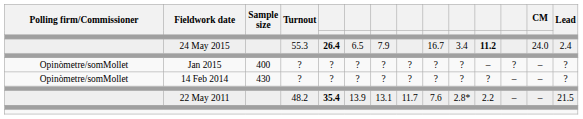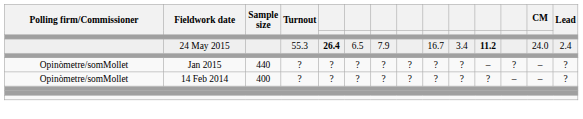 <table class="wikitable collapsible collapsed" style="text-align:center; font-size:95%; line-height:16px;">
 <tr style="height:42px;">
 <th style="width:250px;" rowspan="2">Polling firm/Commissioner</th>
 <th style="width:125px;" rowspan="2">Fieldwork date</th>
 <th style="width:50px;" rowspan="2">Sample size</th>
 <th style="width:45px;" rowspan="2">Turnout</th>
 <th style="width:35px;"></th>
 <th style="width:35px;"></th>
 <th style="width:35px;"></th>
 <th style="width:35px;"></th>
 <th style="width:35px;"></th>
 <th style="width:35px;"></th>
 <th style="width:35px;"></th>
 <th style="width:35px;"></th>
 <th style="width:35px;">CM</th>
 <th style="width:30px;" rowspan="2">Lead</th>
 </tr>
 <tr>
 <th style="color:inherit;background:"></th>
 <th style="color:inherit;background:"></th>
 <th style="color:inherit;background:"></th>
 <th style="color:inherit;background:"></th>
 <th style="color:inherit;background:"></th>
 <th style="color:inherit;background:"></th>
 <th style="color:inherit;background:"></th>
 <th style="color:inherit;background:"></th>
 <th style="color:inherit;background:"></th>
 </tr>
 <tr>
 <td colspan="14" style="background:#A0A0A0"></td>
 </tr>
 <tr style="background:#EFEFEF;">
 <td><strong></strong></td>
 <td>24 May 2015</td>
 <td></td>
 <td>55.3</td>
 <td><strong>26.4</strong><br></td>
 <td>6.5<br></td>
 <td>7.9<br></td>
 <td></td>
 <td>16.7<br></td>
 <td>3.4<br></td>
 <td><strong>11.2<br></strong></td>
 <td></td>
 <td>24.0<br></td>
 <td style="background:">2.4</td>
 </tr>
 <tr>
 <td colspan="14" style="background:#A0A0A0"></td>
 </tr>
 <tr>
 <td>Opinòmetre/somMollet</td>
 <td>Jan 2015</td>
-<td>400</td>
+<td>440</td>
 <td>?</td>
 <td>?<br></td>
 <td>?<br></td>
 <td>?<br></td>
 <td>?<br></td>
 <td>?<br></td>
 <td>?<br></td>
 <td>–</td>
 <td>?<br></td>
 <td>–</td>
 <td style="background:">?</td>
 </tr>
 <tr>
 <td>Opinòmetre/somMollet</td>
 <td>14 Feb 2014</td>
-<td>430</td>
+<td>400</td>
 <td>?</td>
 <td>?<br></td>
 <td>?<br></td>
 <td>?<br></td>
 <td>?<br></td>
 <td>?<br></td>
 <td>?<br></td>
 <td>?<br></td>
 <td>–</td>
 <td>–</td>
 <td style="background:">?</td>
 </tr>
 <tr>
 <td colspan="14" style="background:#A0A0A0"></td>
 </tr>
-<tr style="background:#EFEFEF;">
-<td><strong></strong></td>
-<td>22 May 2011</td>
-<td></td>
-<td>48.2</td>
-<td><strong>35.4</strong><br></td>
-<td>13.9<br></td>
-<td>13.1<br></td>
-<td>11.7<br></td>
-<td>7.6<br></td>
-<td>2.8*<br></td>
-<td>2.2<br></td>
-<td>–</td>
-<td>–</td>
-<td style="background:">21.5</td>
-</tr>
 <tr>
 <td colspan="14" style="background:#A0A0A0"></td>
 </tr>
 <tr>
 <td align="left" colspan="14"></td>
 </tr>
 </table>
